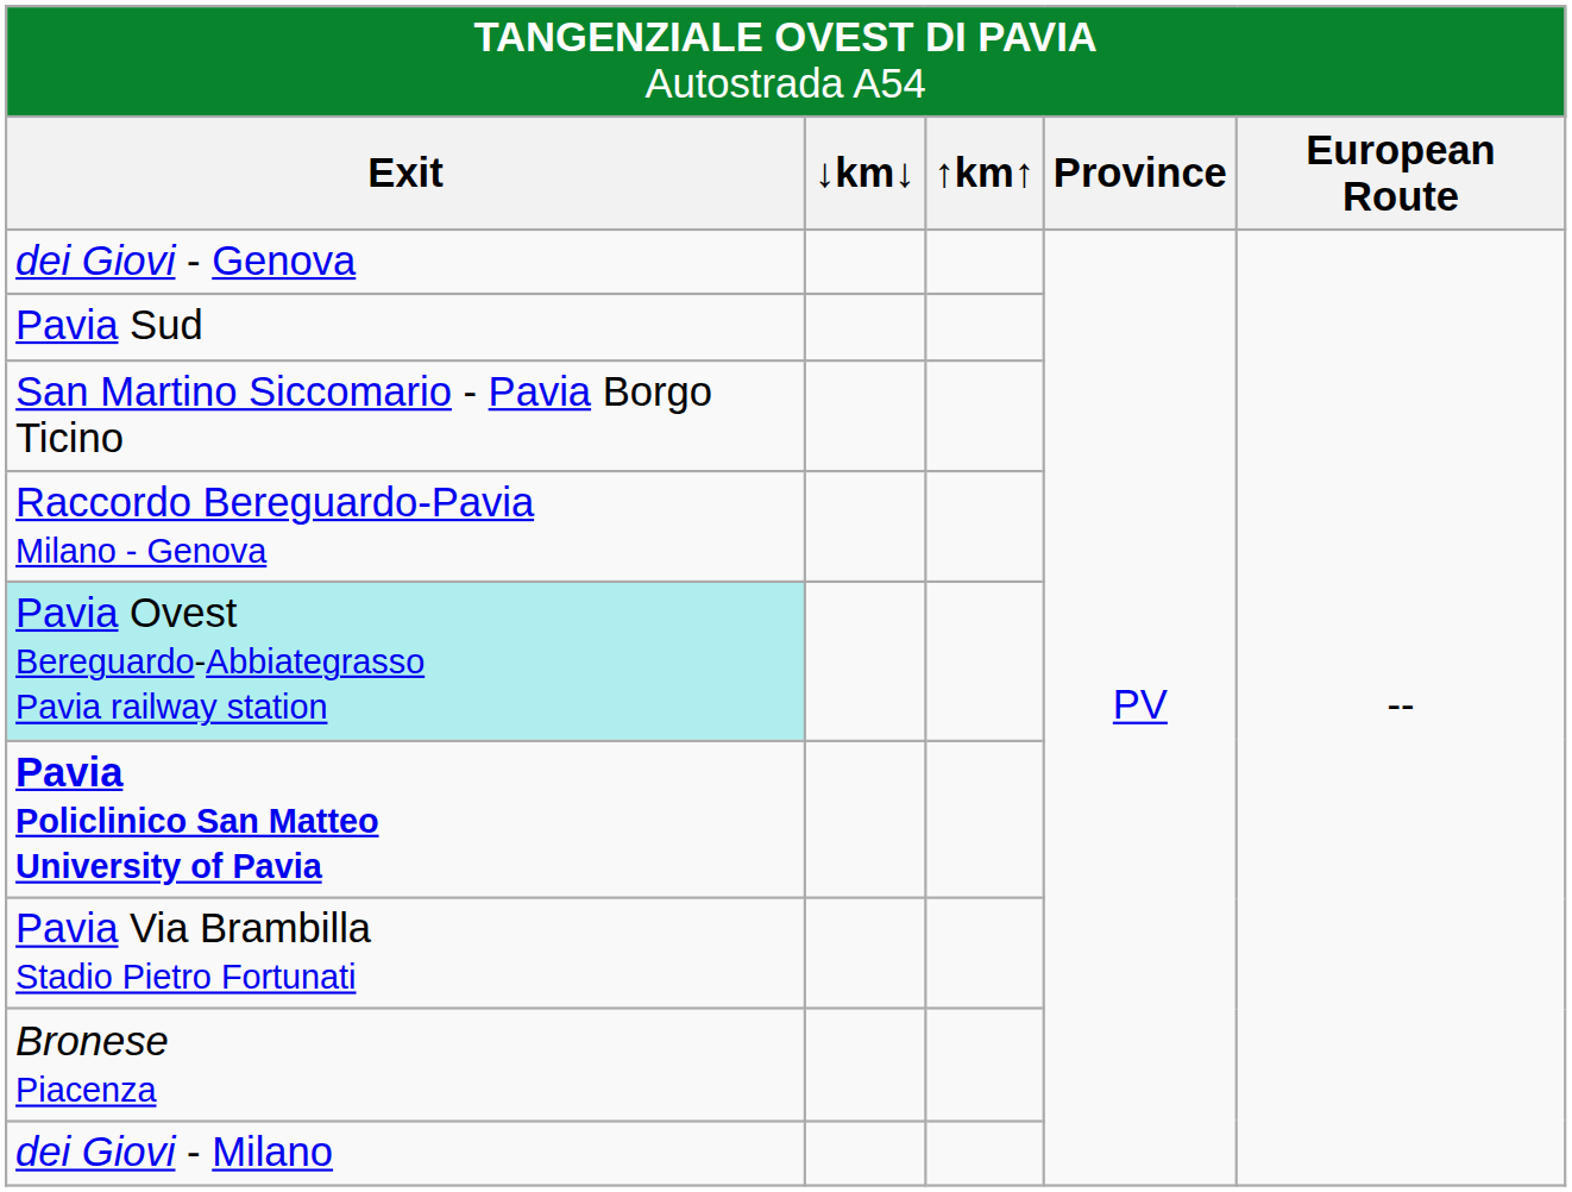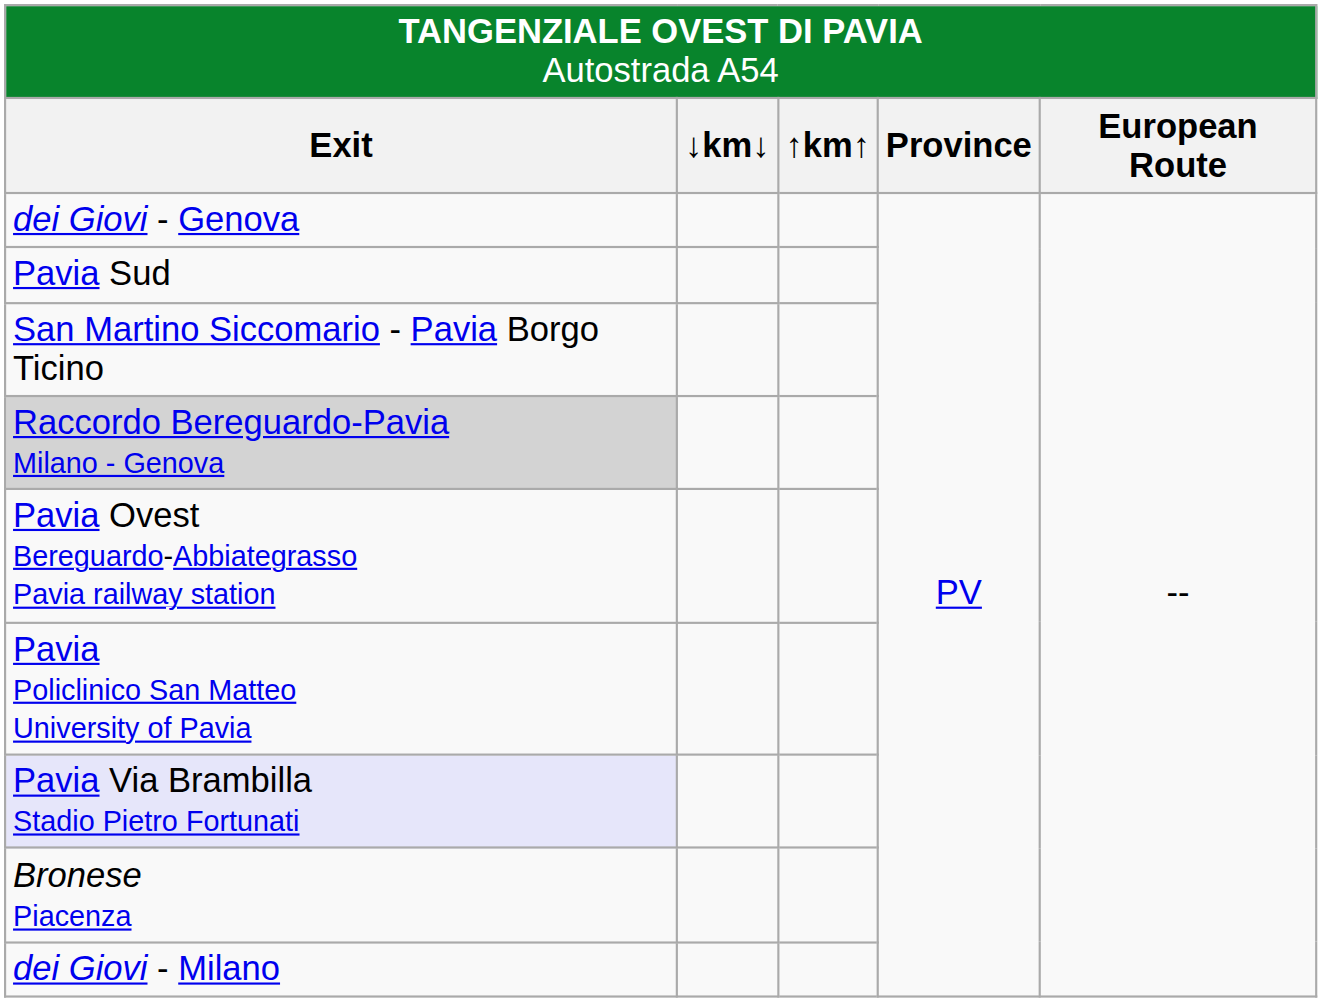 <table class="wikitable">
 <tr align="center" bgcolor="08842C" style="color: white;">
 <td colspan="5"><strong> TANGENZIALE OVEST DI PAVIA</strong><br>Autostrada A54</td>
 </tr>
 <tr>
 <th style="text-align:center;"><strong>Exit</strong></th>
 <th style="text-align:center;"><strong>↓km↓</strong></th>
 <th style="text-align:center;"><strong>↑km↑</strong></th>
 <th align="center"><strong>Province</strong></th>
 <th align="center"><strong>European Route</strong></th>
 </tr>
 <tr>
 <td>  <em><a href='#'>dei Giovi</a></em> - <a href='#'>Genova</a></td>
 <td align="right"></td>
 <td align="right"></td>
 <td align="center" rowspan="9"><a href='#'>PV</a></td>
 <td align="center" rowspan="9">--</td>
 </tr>
 <tr>
 <td> <a href='#'>Pavia</a> Sud</td>
 <td align="right"></td>
 <td align="right"></td>
 </tr>
 <tr>
 <td> <a href='#'>San Martino Siccomario</a> - <a href='#'>Pavia</a> Borgo Ticino</td>
 <td align="right"></td>
 <td align="right"></td>
 </tr>
 <tr>
-<td>  <a href='#'>Raccordo Bereguardo-Pavia</a><br> <small><a href='#'>Milano - Genova</a></small></td>
+<td style="background: lightgrey;">  <a href='#'>Raccordo Bereguardo-Pavia</a><br> <small><a href='#'>Milano - Genova</a></small></td>
 <td align="right"></td>
 <td align="right"></td>
 </tr>
 <tr>
-<td style="background: paleturquoise;"> <a href='#'>Pavia</a> Ovest<br><small> <a href='#'>Bereguardo</a>-<a href='#'>Abbiategrasso</a></small><br><small> <a href='#'>Pavia railway station</a></small></td>
+<td> <a href='#'>Pavia</a> Ovest<br><small> <a href='#'>Bereguardo</a>-<a href='#'>Abbiategrasso</a></small><br><small> <a href='#'>Pavia railway station</a></small></td>
 <td align="right"></td>
 <td align="right"></td>
 </tr>
 <tr>
-<td><strong> <a href='#'>Pavia</a> <br><small> <a href='#'>Policlinico San Matteo</a></small><br><small> <a href='#'>University of Pavia</a></small></strong></td>
+<td> <a href='#'>Pavia</a> <br><small> <a href='#'>Policlinico San Matteo</a></small><br><small> <a href='#'>University of Pavia</a></small></td>
 <td align="right"></td>
 <td align="right"></td>
 </tr>
 <tr>
-<td> <a href='#'>Pavia</a> Via Brambilla<br><small> <a href='#'>Stadio Pietro Fortunati</a></small></td>
+<td style="background: lavender;"> <a href='#'>Pavia</a> Via Brambilla<br><small> <a href='#'>Stadio Pietro Fortunati</a></small></td>
 <td align="right"></td>
 <td align="right"></td>
 </tr>
 <tr>
 <td>  <em>Bronese</em><br><small>  <a href='#'>Piacenza</a></small></td>
 <td align="right"></td>
 <td align="right"></td>
 </tr>
 <tr>
 <td>   <em><a href='#'>dei Giovi</a></em> - <a href='#'>Milano</a></td>
 <td align="right"></td>
 <td align="right"></td>
 </tr>
 </table>
